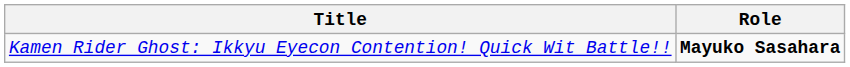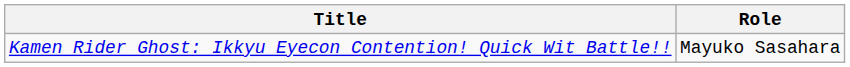 <table class="wikitable">
 <tr>
 <th>Title</th>
 <th>Role</th>
 </tr>
 <tr>
 <td><em><a href='#'>Kamen Rider Ghost: Ikkyu Eyecon Contention! Quick Wit Battle!!</a></em></td>
-<td><strong>Mayuko Sasahara</strong></td>
+<td>Mayuko Sasahara</td>
 </tr>
 </table>
